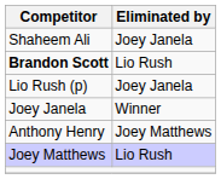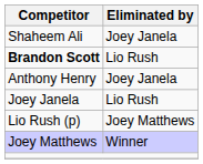 <table class="wikitable">
 <tr>
 <th>Competitor</th>
 <th>Eliminated by</th>
 </tr>
 <tr>
 <td>Shaheem Ali</td>
 <td>Joey Janela</td>
 </tr>
 <tr>
 <td><strong>Brandon Scott</strong></td>
 <td>Lio Rush</td>
 </tr>
 <tr>
-<td>Lio Rush (p)</td>
+<td>Anthony Henry</td>
 <td>Joey Janela</td>
 </tr>
 <tr>
 <td>Joey Janela</td>
-<td>Winner</td>
+<td>Lio Rush</td>
 </tr>
 <tr>
-<td>Anthony Henry</td>
+<td>Lio Rush (p)</td>
 <td>Joey Matthews</td>
 </tr>
 <tr style="background: #CCCCFF;">
 <td>Joey Matthews</td>
-<td>Lio Rush</td>
+<td>Winner</td>
 </tr>
 <tr>
 <td colspan="2"></td>
 </tr>
 <tr>
 </tr>
 </table>
